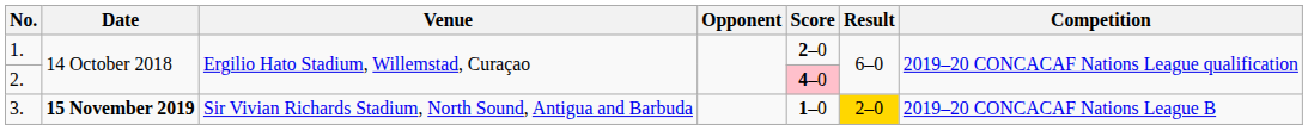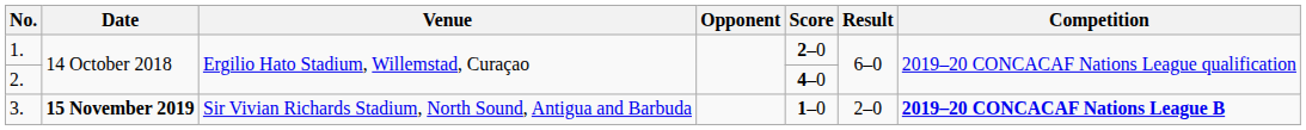 <table class="wikitable" style="font-size:100%;">
 <tr>
 <th>No.</th>
 <th>Date</th>
 <th>Venue</th>
 <th>Opponent</th>
 <th>Score</th>
 <th>Result</th>
 <th>Competition</th>
 </tr>
 <tr>
 <td>1.</td>
 <td rowspan="2">14 October 2018</td>
 <td rowspan="2"><a href='#'>Ergilio Hato Stadium</a>, <a href='#'>Willemstad</a>, Curaçao</td>
 <td rowspan="2"></td>
 <td align=center><strong>2</strong>–0</td>
 <td rowspan="2" style="text-align:center">6–0</td>
 <td rowspan="2"><a href='#'>2019–20 CONCACAF Nations League qualification</a></td>
 </tr>
 <tr>
 <td>2.</td>
-<td align=center style="background: pink;"><strong>4</strong>–0</td>
+<td align=center><strong>4</strong>–0</td>
 </tr>
 <tr>
 <td>3.</td>
 <td><strong>15 November 2019</strong></td>
 <td><a href='#'>Sir Vivian Richards Stadium</a>, <a href='#'>North Sound</a>, <a href='#'>Antigua and Barbuda</a></td>
 <td></td>
 <td align=center><strong>1</strong>–0</td>
-<td align=center style="background: gold;">2–0</td>
-<td><a href='#'>2019–20 CONCACAF Nations League B</a></td>
+<td align=center>2–0</td>
+<td><strong><a href='#'>2019–20 CONCACAF Nations League B</a></strong></td>
 </tr>
 </table>
